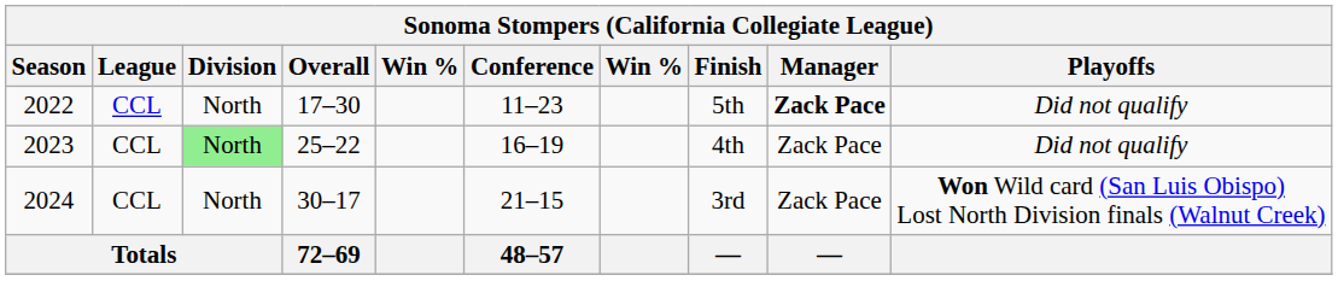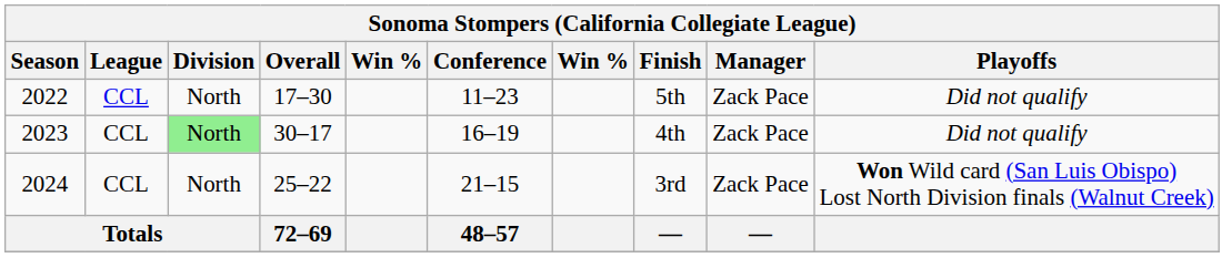 <table class="wikitable">
 <tr>
 <th colspan="11">Sonoma Stompers (California Collegiate League)</th>
 </tr>
 <tr>
 <th>Season</th>
 <th>League</th>
 <th>Division</th>
 <th>Overall</th>
 <th>Win %</th>
 <th>Conference</th>
 <th>Win %</th>
 <th>Finish</th>
 <th>Manager</th>
 <th>Playoffs</th>
 </tr>
 <tr align="center">
 <td>2022</td>
 <td><a href='#'>CCL</a></td>
 <td>North</td>
 <td>17–30</td>
 <td></td>
 <td>11–23</td>
 <td></td>
 <td>5th</td>
-<td><strong>Zack Pace</strong></td>
+<td>Zack Pace</td>
 <td><em>Did not qualify</em></td>
 </tr>
 <tr align="center">
 <td>2023</td>
 <td>CCL</td>
 <td style="background: lightgreen;">North</td>
-<td>25–22</td>
+<td>30–17</td>
 <td></td>
 <td>16–19</td>
 <td></td>
 <td>4th</td>
 <td>Zack Pace</td>
 <td><em>Did not qualify</em></td>
 </tr>
 <tr align="center">
 <td>2024</td>
 <td>CCL</td>
 <td>North</td>
-<td>30–17</td>
+<td>25–22</td>
 <td></td>
 <td>21–15</td>
 <td></td>
 <td>3rd</td>
 <td>Zack Pace</td>
 <td><strong>Won</strong> Wild card <a href='#'>(San Luis Obispo)</a> <br> Lost North Division finals <a href='#'>(Walnut Creek)</a></td>
 </tr>
 <tr align="center">
 <th colspan="3">Totals</th>
 <th>72–69</th>
 <th></th>
 <th>48–57</th>
 <th></th>
 <th>—</th>
 <th>—</th>
 <th></th>
 </tr>
 <tr>
 </tr>
 </table>
